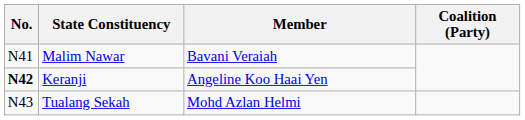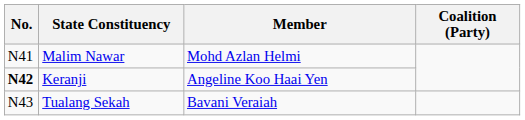 <table class="wikitable">
 <tr>
 <th width="30">No.</th>
 <th width="150">State Constituency</th>
 <th width="245">Member</th>
 <th width="105">Coalition (Party)</th>
 </tr>
 <tr>
 <td>N41</td>
 <td><a href='#'>Malim Nawar</a></td>
-<td><a href='#'>Bavani Veraiah</a></td>
+<td><a href='#'>Mohd Azlan Helmi</a></td>
 <td rowspan=2></td>
 </tr>
 <tr>
 <td><strong>N42</strong></td>
 <td><a href='#'>Keranji</a></td>
 <td><a href='#'>Angeline Koo Haai Yen</a></td>
 </tr>
 <tr ]>
 <td>N43</td>
 <td><a href='#'>Tualang Sekah</a></td>
-<td><a href='#'>Mohd Azlan Helmi</a></td>
+<td><a href='#'>Bavani Veraiah</a></td>
 <td></td>
 </tr>
 </table>
